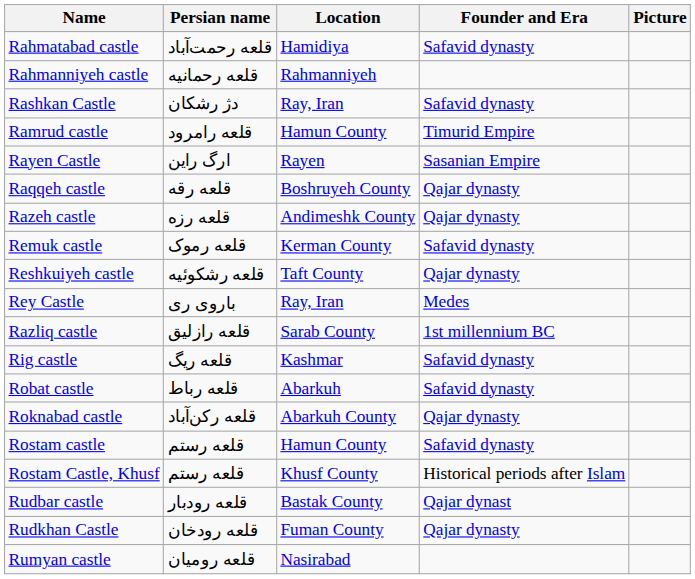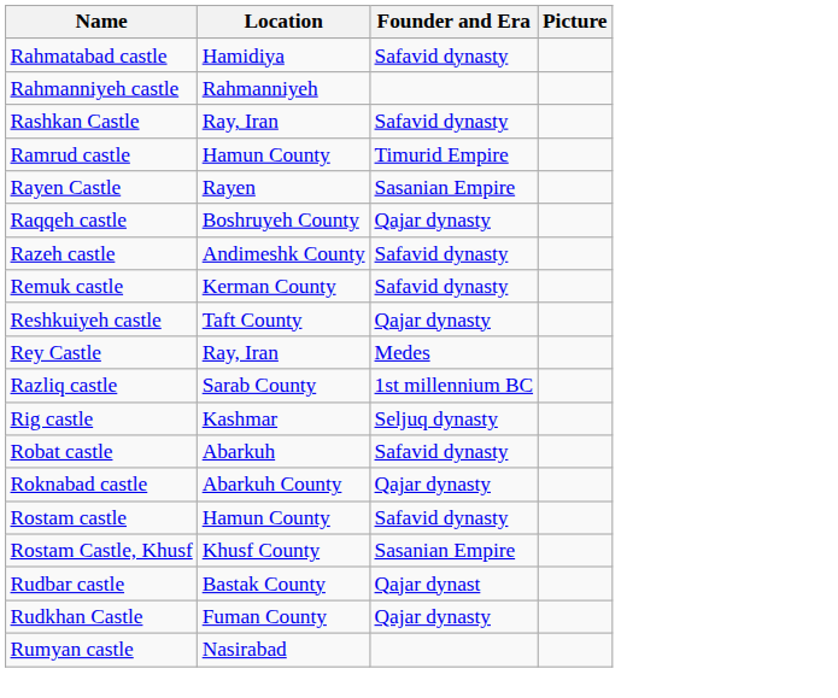 <table class="wikitable">
 <tr>
 <th>Name</th>
-<th>Persian name</th>
 <th>Location</th>
 <th>Founder and Era</th>
 <th>Picture</th>
 </tr>
 <tr>
 <td><a href='#'>Rahmatabad castle</a></td>
-<td>قلعه رحمت‌آباد</td>
 <td><a href='#'>Hamidiya</a></td>
 <td><a href='#'>Safavid dynasty</a></td>
 <td></td>
 </tr>
 <tr>
 <td><a href='#'>Rahmanniyeh castle</a></td>
-<td>قلعه رحمانیه</td>
 <td><a href='#'>Rahmanniyeh</a></td>
 <td></td>
 <td align="center"></td>
 </tr>
 <tr>
 <td><a href='#'>Rashkan Castle</a></td>
-<td>دژ رشکان</td>
 <td><a href='#'>Ray, Iran</a></td>
 <td><a href='#'>Safavid dynasty</a></td>
 <td align="center"></td>
 </tr>
 <tr>
 <td><a href='#'>Ramrud castle</a></td>
-<td>قلعه رامرود</td>
 <td><a href='#'>Hamun County</a></td>
 <td><a href='#'>Timurid Empire</a></td>
 <td></td>
 </tr>
 <tr>
 <td><a href='#'>Rayen Castle</a></td>
-<td>ارگ راین</td>
 <td><a href='#'>Rayen</a></td>
 <td><a href='#'>Sasanian Empire</a></td>
 <td align="center"></td>
 </tr>
 <tr>
 <td><a href='#'>Raqqeh castle</a></td>
-<td>قلعه رقه</td>
 <td><a href='#'>Boshruyeh County</a></td>
 <td><a href='#'>Qajar dynasty</a></td>
 <td align="center"></td>
 </tr>
 <tr>
 <td><a href='#'>Razeh castle</a></td>
-<td>قلعه رزه</td>
 <td><a href='#'>Andimeshk County</a></td>
-<td><a href='#'>Qajar dynasty</a></td>
+<td><a href='#'>Safavid dynasty</a></td>
 <td></td>
 </tr>
 <tr>
 <td><a href='#'>Remuk castle</a></td>
-<td>قلعه رموک</td>
 <td><a href='#'>Kerman County</a></td>
 <td><a href='#'>Safavid dynasty</a></td>
 <td></td>
 </tr>
 <tr>
 <td><a href='#'>Reshkuiyeh castle</a></td>
-<td>قلعه رشکوئیه</td>
 <td><a href='#'>Taft County</a></td>
 <td><a href='#'>Qajar dynasty</a></td>
 <td align="center"></td>
 </tr>
 <tr>
 <td><a href='#'>Rey Castle</a></td>
-<td>باروی ری</td>
 <td><a href='#'>Ray, Iran</a></td>
 <td><a href='#'>Medes</a></td>
 <td align="center"></td>
 </tr>
 <tr>
 <td><a href='#'>Razliq castle</a></td>
-<td>قلعه رازلیق</td>
 <td><a href='#'>Sarab County</a></td>
 <td><a href='#'>1st millennium BC</a></td>
 <td></td>
 </tr>
 <tr>
 <td><a href='#'>Rig castle</a></td>
-<td>قلعه ریگ</td>
 <td><a href='#'>Kashmar</a></td>
-<td><a href='#'>Safavid dynasty</a></td>
+<td><a href='#'>Seljuq dynasty</a></td>
 <td align="center"></td>
 </tr>
 <tr>
 <td><a href='#'>Robat castle</a></td>
-<td>قلعه رباط</td>
 <td><a href='#'>Abarkuh</a></td>
 <td><a href='#'>Safavid dynasty</a></td>
 <td align="center"></td>
 </tr>
 <tr>
 <td><a href='#'>Roknabad castle</a></td>
-<td>قلعه رکن‌آباد</td>
 <td><a href='#'>Abarkuh County</a></td>
 <td><a href='#'>Qajar dynasty</a></td>
 <td></td>
 </tr>
 <tr>
 <td><a href='#'>Rostam castle</a></td>
-<td>قلعه رستم</td>
 <td><a href='#'>Hamun County</a></td>
 <td><a href='#'>Safavid dynasty</a></td>
 <td align="center"></td>
 </tr>
 <tr>
 <td><a href='#'>Rostam Castle, Khusf</a></td>
-<td>قلعه رستم</td>
 <td><a href='#'>Khusf County</a></td>
-<td>Historical periods after <a href='#'>Islam</a></td>
+<td><a href='#'>Sasanian Empire</a></td>
 <td></td>
 </tr>
 <tr>
 <td><a href='#'>Rudbar castle</a></td>
-<td>قلعه رودبار</td>
 <td><a href='#'>Bastak County</a></td>
 <td><a href='#'>Qajar dynast</a></td>
 <td></td>
 </tr>
 <tr>
 <td><a href='#'>Rudkhan Castle</a></td>
-<td>قلعه رودخان</td>
 <td><a href='#'>Fuman County</a></td>
 <td><a href='#'>Qajar dynasty</a></td>
 <td align="center"></td>
 </tr>
 <tr>
 <td><a href='#'>Rumyan castle</a></td>
-<td>قلعه رومیان</td>
 <td><a href='#'>Nasirabad</a></td>
 <td></td>
 <td align="center"></td>
 </tr>
 </table>
